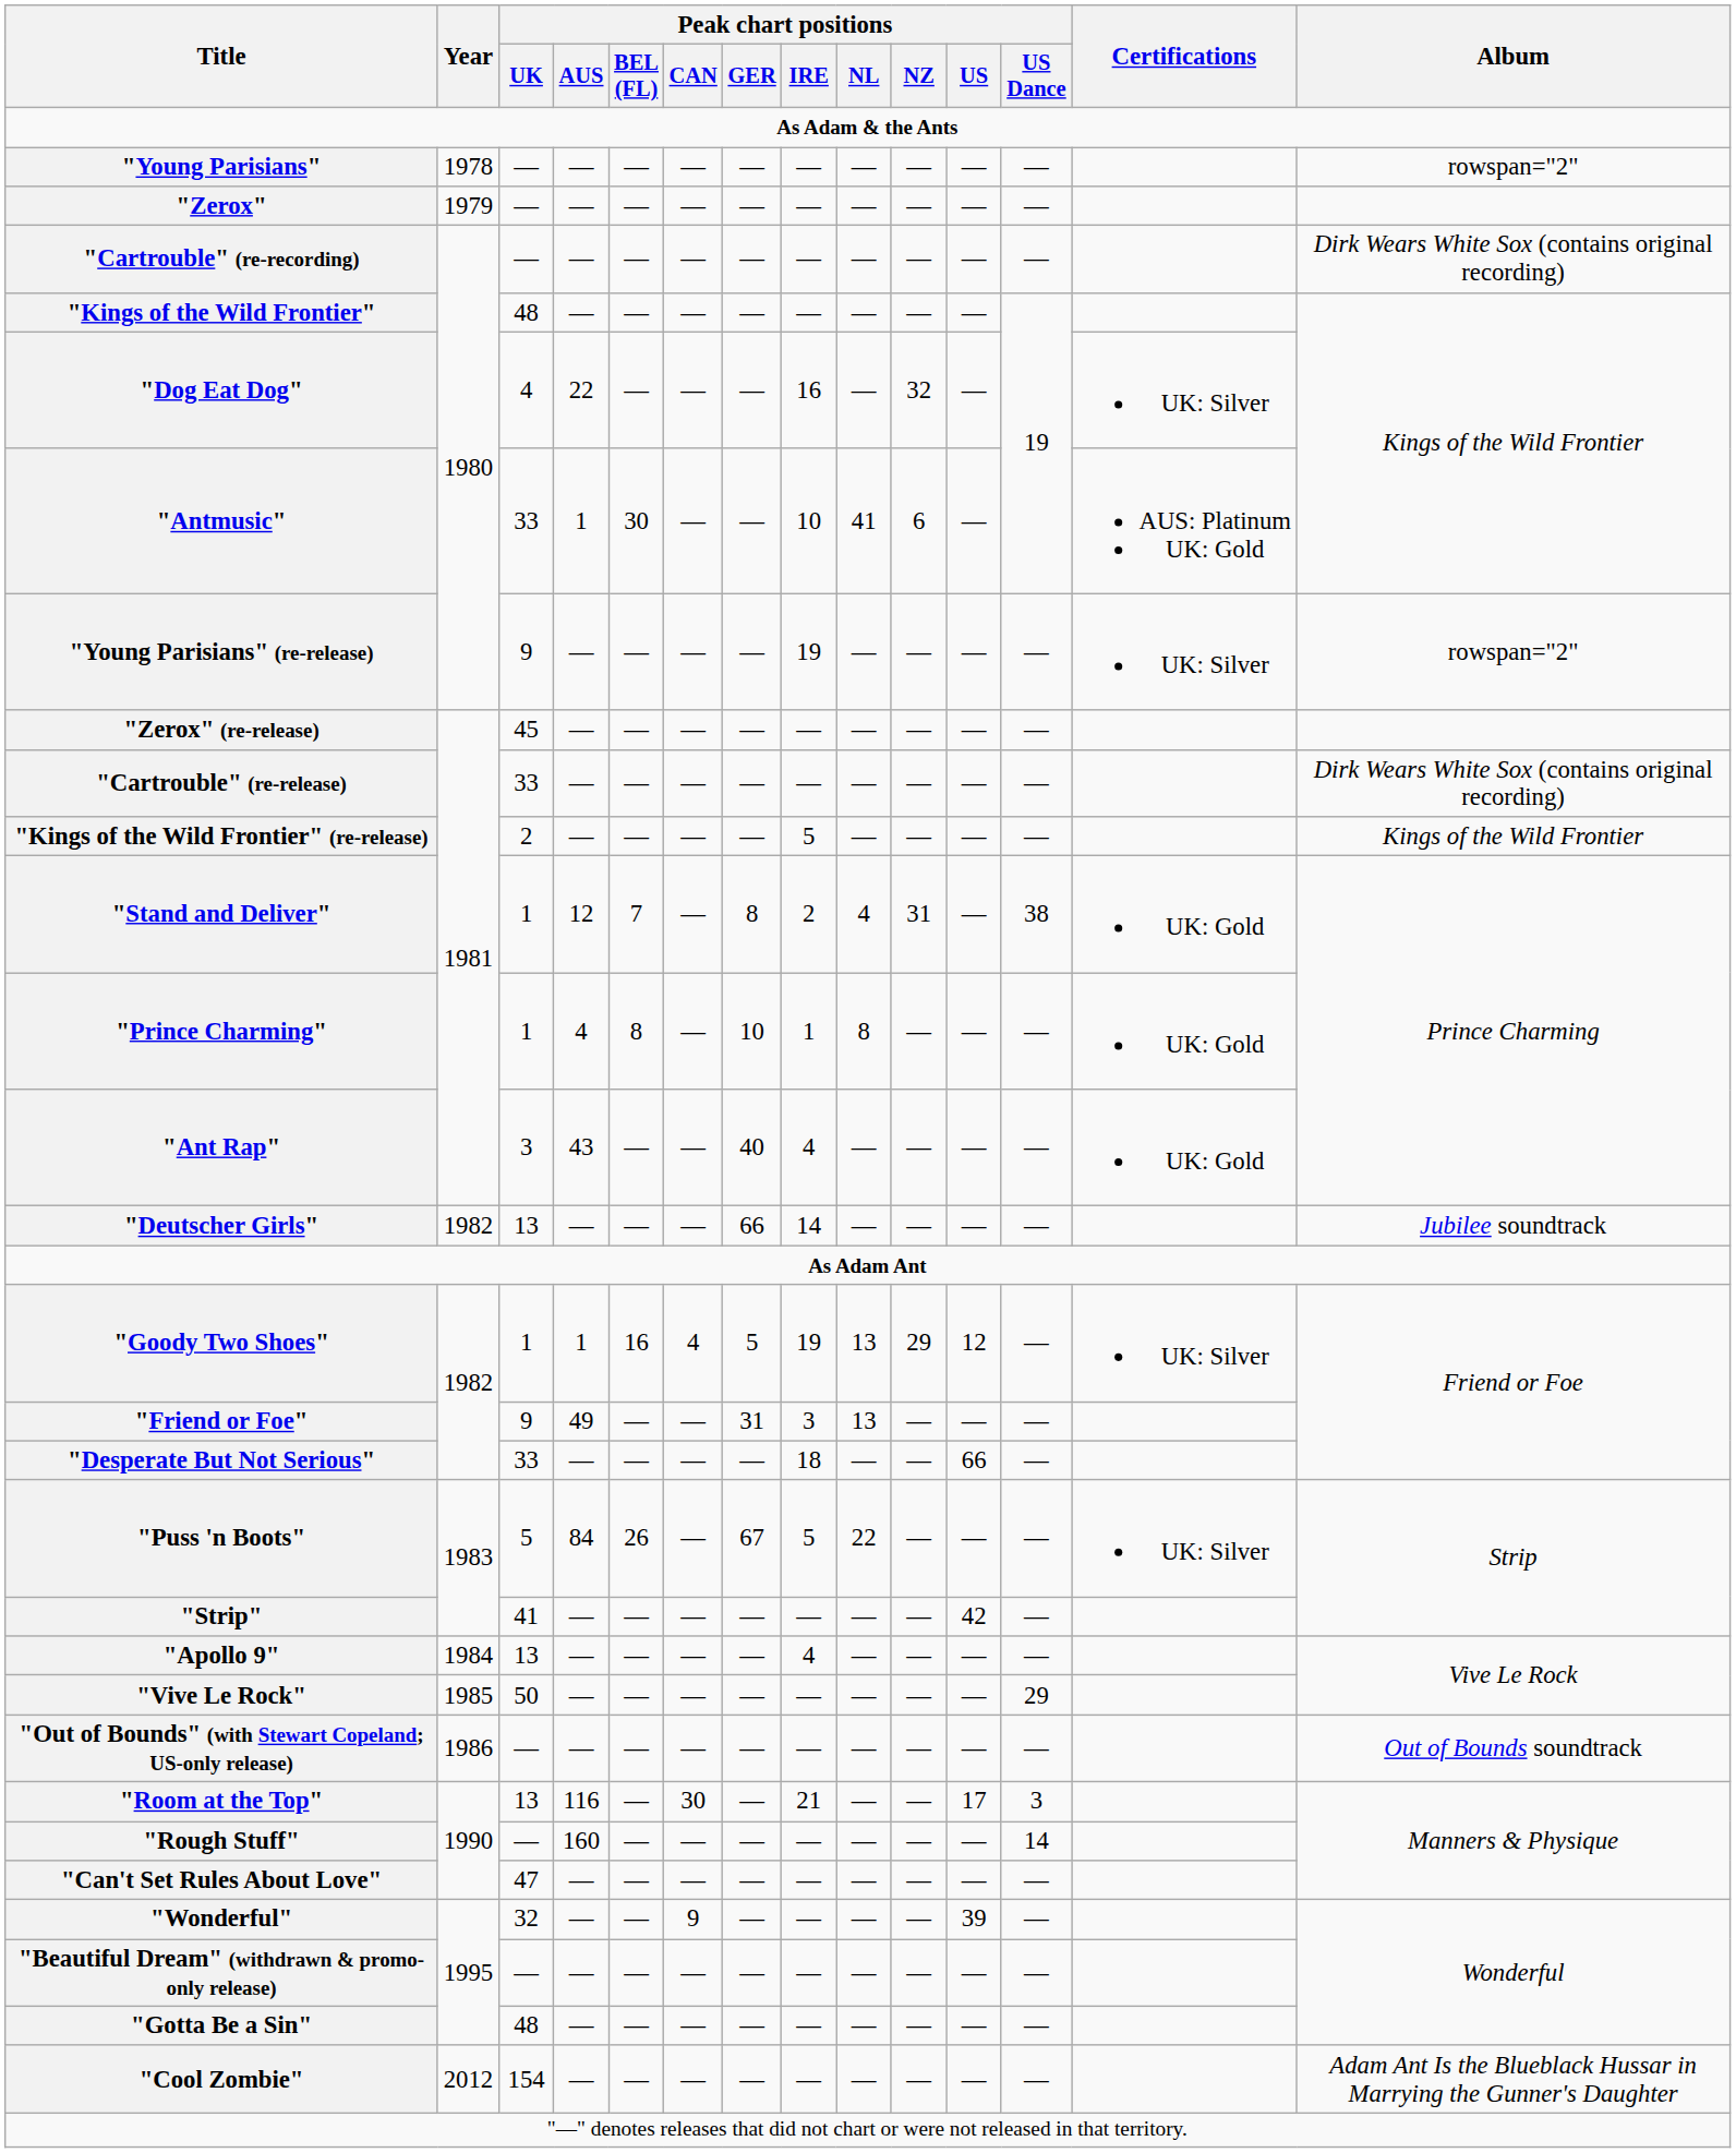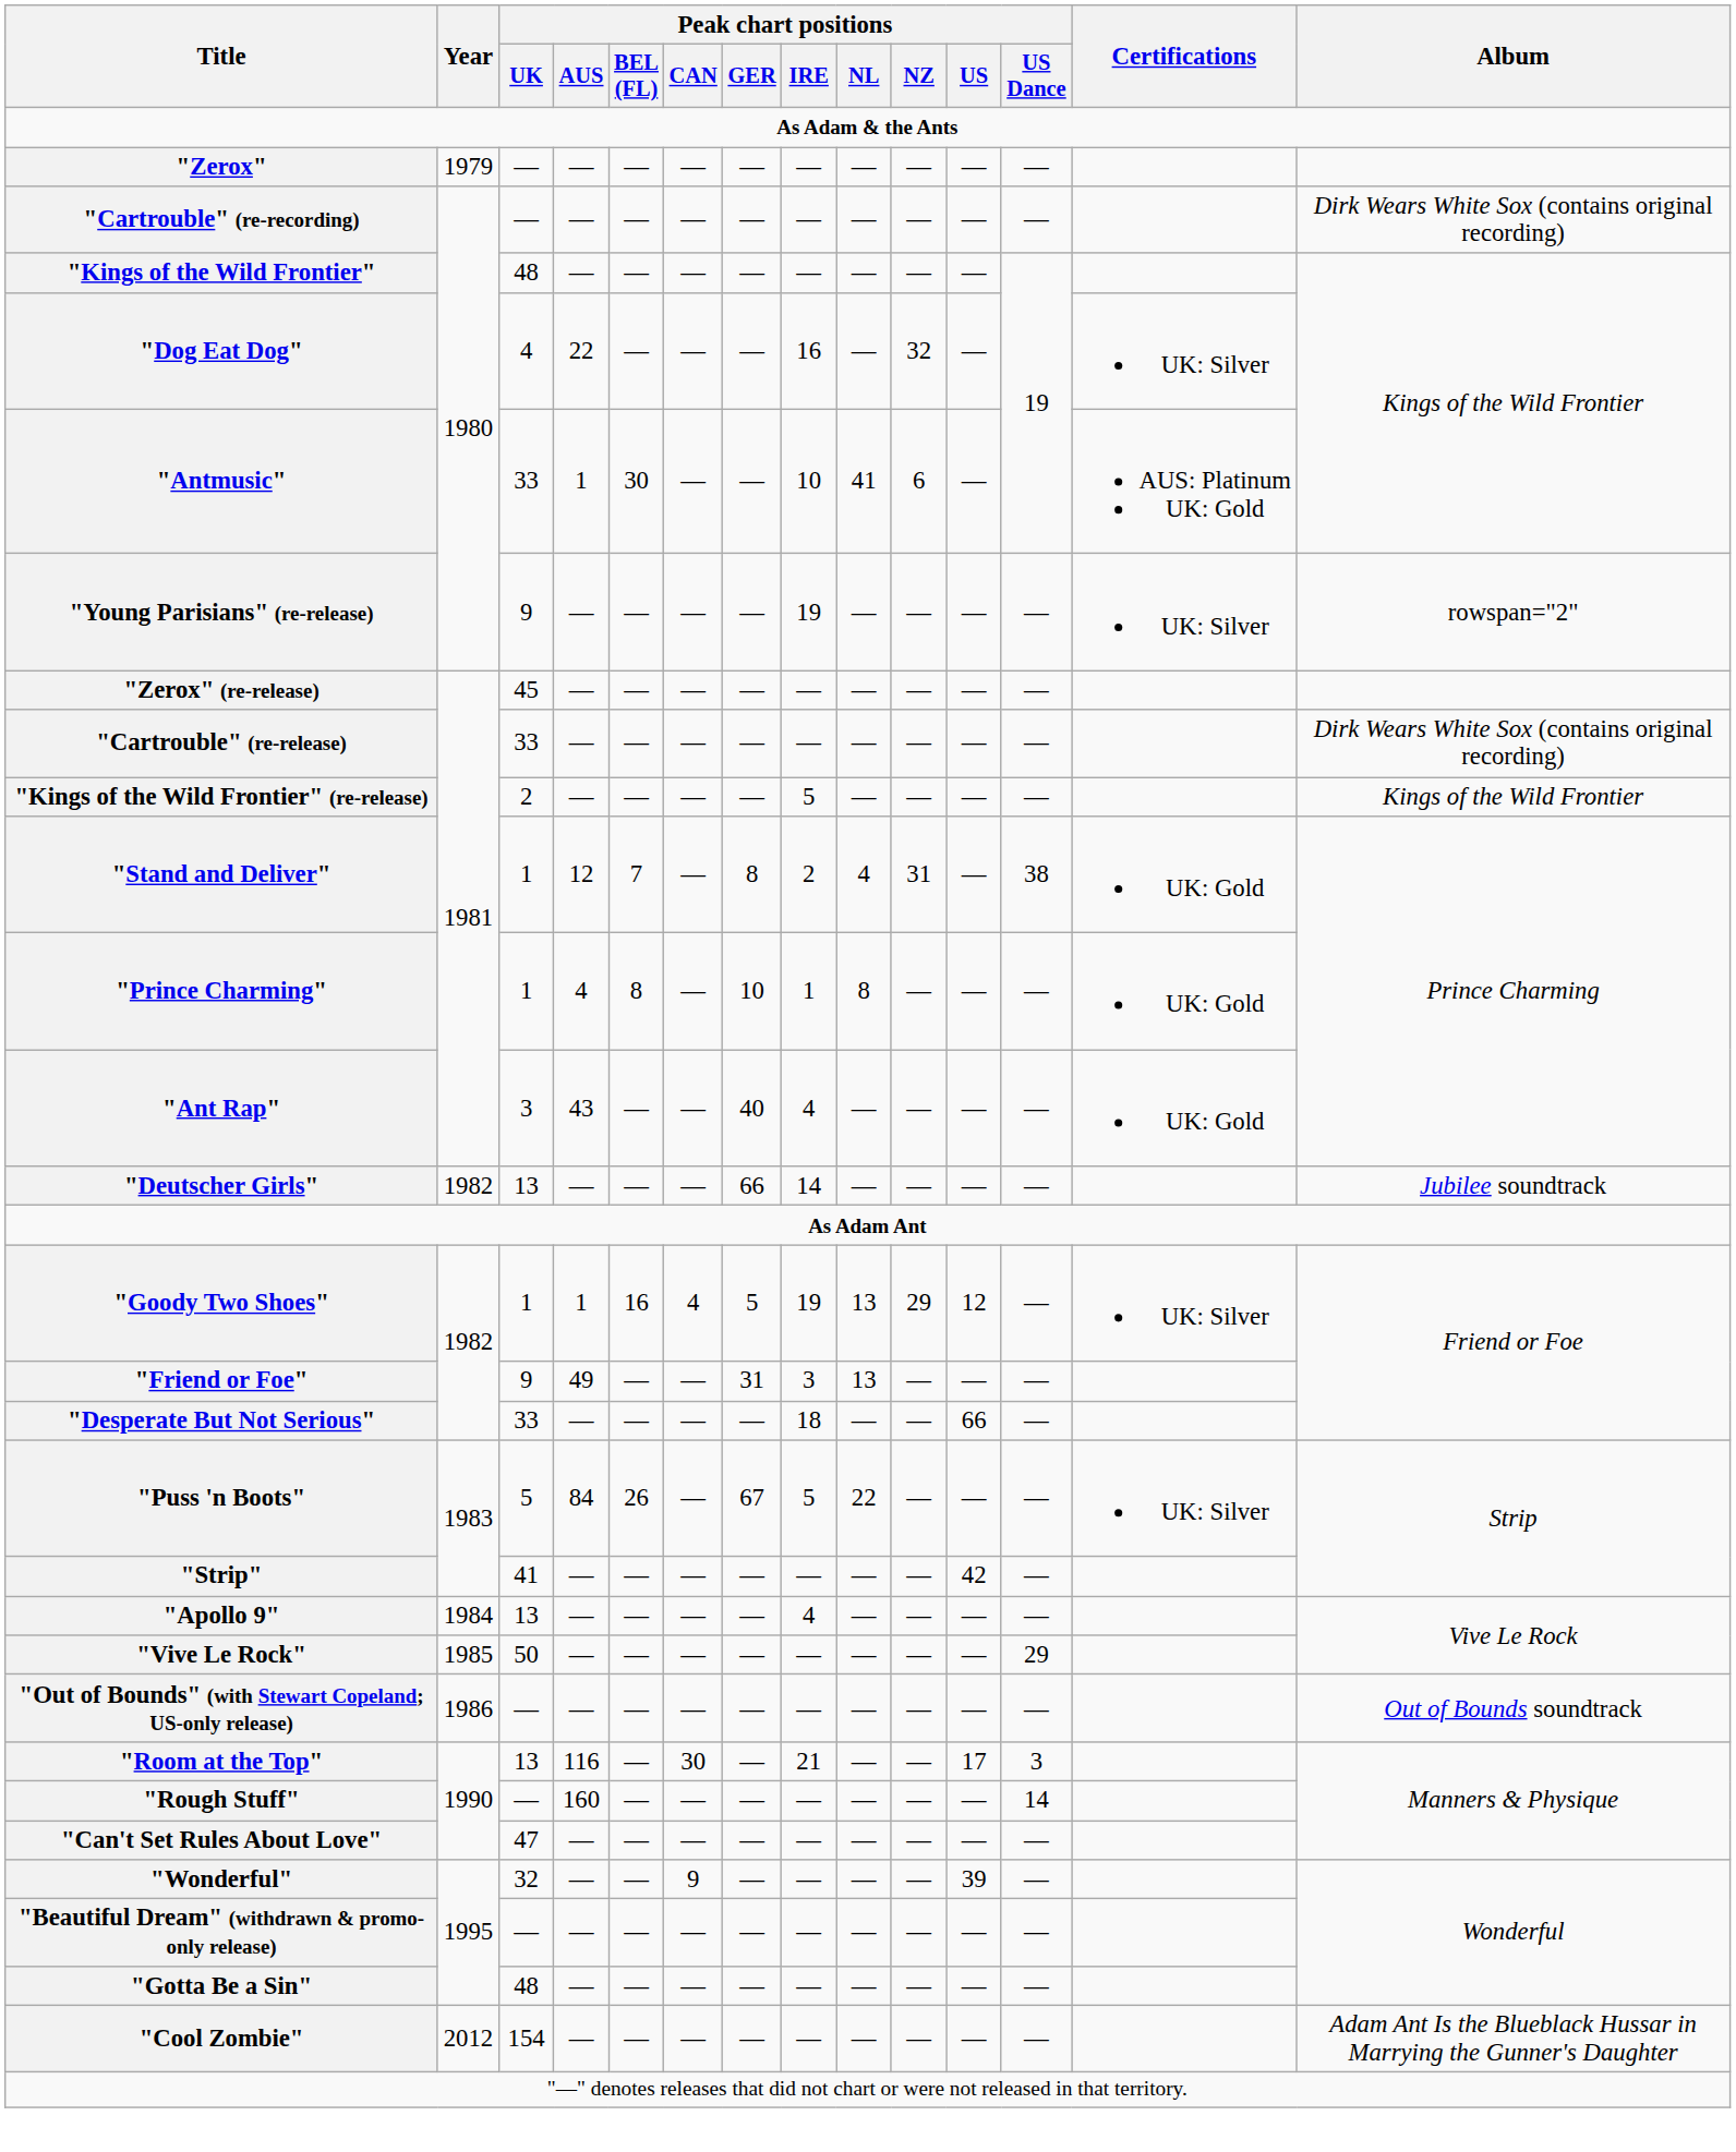 <table class="wikitable plainrowheaders" style="text-align:center;">
 <tr>
 <th scope="col" rowspan="2" style="width:17em;">Title</th>
 <th scope="col" rowspan="2" style="width:2em;">Year</th>
 <th colspan="10">Peak chart positions</th>
 <th rowspan="2"><a href='#'>Certifications</a></th>
 <th rowspan="2" style="width:17em;">Album</th>
 </tr>
 <tr>
 <th scope="col" style="width:2em;font-size:90%;"><a href='#'>UK</a><br></th>
 <th scope="col" style="width:2em;font-size:90%;"><a href='#'>AUS</a><br></th>
 <th scope="col" style="width:2em;font-size:90%;"><a href='#'>BEL<br>(FL)</a><br></th>
 <th scope="col" style="width:2em;font-size:90%;"><a href='#'>CAN</a><br></th>
 <th scope="col" style="width:2em;font-size:90%;"><a href='#'>GER</a><br></th>
 <th scope="col" style="width:2em;font-size:90%;"><a href='#'>IRE</a><br></th>
 <th scope="col" style="width:2em;font-size:90%;"><a href='#'>NL</a><br></th>
 <th scope="col" style="width:2em;font-size:90%;"><a href='#'>NZ</a><br></th>
 <th scope="col" style="width:2em;font-size:90%;"><a href='#'>US</a><br></th>
 <th scope="col" style="width:2em;font-size:90%;"><a href='#'>US Dance</a><br></th>
 </tr>
 <tr>
 <td colspan="14" align="center"><small><strong>As Adam & the Ants</strong></small></td>
-</tr>
-<tr>
-<th scope="row">"<a href='#'>Young Parisians</a>"</th>
-<td>1978</td>
-<td>—</td>
-<td>—</td>
-<td>—</td>
-<td>—</td>
-<td>—</td>
-<td>—</td>
-<td>—</td>
-<td>—</td>
-<td>—</td>
-<td>—</td>
-<td></td>
-<td>rowspan="2" </td>
 </tr>
 <tr>
 <th scope="row">"<a href='#'>Zerox</a>"</th>
 <td>1979</td>
 <td>—</td>
 <td>—</td>
 <td>—</td>
 <td>—</td>
 <td>—</td>
 <td>—</td>
 <td>—</td>
 <td>—</td>
 <td>—</td>
 <td>—</td>
 <td></td>
 </tr>
 <tr>
 <th scope="row">"<a href='#'>Cartrouble</a>" <small>(re-recording</small><small>)</small></th>
 <td rowspan="5">1980</td>
 <td>—</td>
 <td>—</td>
 <td>—</td>
 <td>—</td>
 <td>—</td>
 <td>—</td>
 <td>—</td>
 <td>—</td>
 <td>—</td>
 <td>—</td>
 <td></td>
 <td><em>Dirk Wears White Sox</em> (contains original recording)</td>
 </tr>
 <tr>
 <th scope="row">"<a href='#'>Kings of the Wild Frontier</a>"</th>
 <td>48</td>
 <td>—</td>
 <td>—</td>
 <td>—</td>
 <td>—</td>
 <td>—</td>
 <td>—</td>
 <td>—</td>
 <td>—</td>
 <td rowspan="3">19</td>
 <td></td>
 <td rowspan="3"><em>Kings of the Wild Frontier</em></td>
 </tr>
 <tr>
 <th scope="row">"<a href='#'>Dog Eat Dog</a>"</th>
 <td>4</td>
 <td>22</td>
 <td>—</td>
 <td>—</td>
 <td>—</td>
 <td>16</td>
 <td>—</td>
 <td>32</td>
 <td>—</td>
 <td><br><ul><li>UK: Silver</li></ul></td>
 </tr>
 <tr>
 <th scope="row">"<a href='#'>Antmusic</a>"</th>
 <td>33</td>
 <td>1</td>
 <td>30</td>
 <td>—</td>
 <td>—</td>
 <td>10</td>
 <td>41</td>
 <td>6</td>
 <td>—</td>
 <td><br><ul><li>AUS: Platinum</li><li>UK: Gold</li></ul></td>
 </tr>
 <tr>
 <th scope="row">"Young Parisians" <small>(re-release)</small></th>
 <td>9</td>
 <td>—</td>
 <td>—</td>
 <td>—</td>
 <td>—</td>
 <td>19</td>
 <td>—</td>
 <td>—</td>
 <td>—</td>
 <td>—</td>
 <td><br><ul><li>UK: Silver</li></ul></td>
 <td>rowspan="2" </td>
 </tr>
 <tr>
 <th scope="row">"Zerox" <small>(re-release)</small></th>
 <td rowspan="6">1981</td>
 <td>45</td>
 <td>—</td>
 <td>—</td>
 <td>—</td>
 <td>—</td>
 <td>—</td>
 <td>—</td>
 <td>—</td>
 <td>—</td>
 <td>—</td>
 <td></td>
 </tr>
 <tr>
 <th scope="row">"Cartrouble" <small>(re-release)</small></th>
 <td>33</td>
 <td>—</td>
 <td>—</td>
 <td>—</td>
 <td>—</td>
 <td>—</td>
 <td>—</td>
 <td>—</td>
 <td>—</td>
 <td>—</td>
 <td></td>
 <td><em>Dirk Wears White Sox</em> (contains original recording)</td>
 </tr>
 <tr>
 <th scope="row">"Kings of the Wild Frontier" <small>(re-release)</small></th>
 <td>2</td>
 <td>—</td>
 <td>—</td>
 <td>—</td>
 <td>—</td>
 <td>5</td>
 <td>—</td>
 <td>—</td>
 <td>—</td>
 <td>—</td>
 <td></td>
 <td><em>Kings of the Wild Frontier</em></td>
 </tr>
 <tr>
 <th scope="row">"<a href='#'>Stand and Deliver</a>"</th>
 <td>1</td>
 <td>12</td>
 <td>7</td>
 <td>—</td>
 <td>8</td>
 <td>2</td>
 <td>4</td>
 <td>31</td>
 <td>—</td>
 <td>38</td>
 <td><br><ul><li>UK: Gold</li></ul></td>
 <td rowspan="3"><em>Prince Charming</em></td>
 </tr>
 <tr>
 <th scope="row">"<a href='#'>Prince Charming</a>"</th>
 <td>1</td>
 <td>4</td>
 <td>8</td>
 <td>—</td>
 <td>10</td>
 <td>1</td>
 <td>8</td>
 <td>—</td>
 <td>—</td>
 <td>—</td>
 <td><br><ul><li>UK: Gold</li></ul></td>
 </tr>
 <tr>
 <th scope="row">"<a href='#'>Ant Rap</a>"</th>
 <td>3</td>
 <td>43</td>
 <td>—</td>
 <td>—</td>
 <td>40</td>
 <td>4</td>
 <td>—</td>
 <td>—</td>
 <td>—</td>
 <td>—</td>
 <td><br><ul><li>UK: Gold</li></ul></td>
 </tr>
 <tr>
 <th scope="row">"<a href='#'>Deutscher Girls</a>"</th>
 <td>1982</td>
 <td>13</td>
 <td>—</td>
 <td>—</td>
 <td>—</td>
 <td>66</td>
 <td>14</td>
 <td>—</td>
 <td>—</td>
 <td>—</td>
 <td>—</td>
 <td></td>
 <td><em><a href='#'>Jubilee</a></em> soundtrack</td>
 </tr>
 <tr>
 <td colspan="14" align="center"><small><strong>As Adam Ant</strong></small></td>
 </tr>
 <tr>
 <th scope="row">"<a href='#'>Goody Two Shoes</a>" </th>
 <td rowspan="3">1982</td>
 <td>1</td>
 <td>1</td>
 <td>16</td>
 <td>4</td>
 <td>5</td>
 <td>19</td>
 <td>13</td>
 <td>29</td>
 <td>12</td>
 <td>—</td>
 <td><br><ul><li>UK: Silver</li></ul></td>
 <td rowspan="3"><em>Friend or Foe</em></td>
 </tr>
 <tr>
 <th scope="row">"<a href='#'>Friend or Foe</a>"</th>
 <td>9</td>
 <td>49</td>
 <td>—</td>
 <td>—</td>
 <td>31</td>
 <td>3</td>
 <td>13</td>
 <td>—</td>
 <td>—</td>
 <td>—</td>
 <td></td>
 </tr>
 <tr>
 <th scope="row">"<a href='#'>Desperate But Not Serious</a>"</th>
 <td>33</td>
 <td>—</td>
 <td>—</td>
 <td>—</td>
 <td>—</td>
 <td>18</td>
 <td>—</td>
 <td>—</td>
 <td>66</td>
 <td>—</td>
 <td></td>
 </tr>
 <tr>
 <th scope="row">"Puss 'n Boots"</th>
 <td rowspan="2">1983</td>
 <td>5</td>
 <td>84</td>
 <td>26</td>
 <td>—</td>
 <td>67</td>
 <td>5</td>
 <td>22</td>
 <td>—</td>
 <td>—</td>
 <td>—</td>
 <td><br><ul><li>UK: Silver</li></ul></td>
 <td rowspan="2"><em>Strip</em></td>
 </tr>
 <tr>
 <th scope="row">"Strip"</th>
 <td>41</td>
 <td>—</td>
 <td>—</td>
 <td>—</td>
 <td>—</td>
 <td>—</td>
 <td>—</td>
 <td>—</td>
 <td>42</td>
 <td>—</td>
 <td></td>
 </tr>
 <tr>
 <th scope="row">"Apollo 9"</th>
 <td>1984</td>
 <td>13</td>
 <td>—</td>
 <td>—</td>
 <td>—</td>
 <td>—</td>
 <td>4</td>
 <td>—</td>
 <td>—</td>
 <td>—</td>
 <td>—</td>
 <td></td>
 <td rowspan="2"><em>Vive Le Rock</em></td>
 </tr>
 <tr>
 <th scope="row">"Vive Le Rock"</th>
 <td>1985</td>
 <td>50</td>
 <td>—</td>
 <td>—</td>
 <td>—</td>
 <td>—</td>
 <td>—</td>
 <td>—</td>
 <td>—</td>
 <td>—</td>
 <td>29</td>
 <td></td>
 </tr>
 <tr>
 <th scope="row">"Out of Bounds" <small>(with <a href='#'>Stewart Copeland</a>; US-only release)</small></th>
 <td>1986</td>
 <td>—</td>
 <td>—</td>
 <td>—</td>
 <td>—</td>
 <td>—</td>
 <td>—</td>
 <td>—</td>
 <td>—</td>
 <td>—</td>
 <td>—</td>
 <td></td>
 <td><em><a href='#'>Out of Bounds</a></em> soundtrack</td>
 </tr>
 <tr>
 <th scope="row">"<a href='#'>Room at the Top</a>"</th>
 <td rowspan="3">1990</td>
 <td>13</td>
 <td>116</td>
 <td>—</td>
 <td>30</td>
 <td>—</td>
 <td>21</td>
 <td>—</td>
 <td>—</td>
 <td>17</td>
 <td>3</td>
 <td></td>
 <td rowspan="3"><em>Manners & Physique</em></td>
 </tr>
 <tr>
 <th scope="row">"Rough Stuff"</th>
 <td>—</td>
 <td>160</td>
 <td>—</td>
 <td>—</td>
 <td>—</td>
 <td>—</td>
 <td>—</td>
 <td>—</td>
 <td>—</td>
 <td>14</td>
 <td></td>
 </tr>
 <tr>
 <th scope="row">"Can't Set Rules About Love"</th>
 <td>47</td>
 <td>—</td>
 <td>—</td>
 <td>—</td>
 <td>—</td>
 <td>—</td>
 <td>—</td>
 <td>—</td>
 <td>—</td>
 <td>—</td>
 <td></td>
 </tr>
 <tr>
 <th scope="row">"Wonderful"</th>
 <td rowspan="3">1995</td>
 <td>32</td>
 <td>—</td>
 <td>—</td>
 <td>9</td>
 <td>—</td>
 <td>—</td>
 <td>—</td>
 <td>—</td>
 <td>39</td>
 <td>—</td>
 <td></td>
 <td rowspan="3"><em>Wonderful</em></td>
 </tr>
 <tr>
 <th scope="row">"Beautiful Dream" <small>(withdrawn & promo-only release)</small></th>
 <td>—</td>
 <td>—</td>
 <td>—</td>
 <td>—</td>
 <td>—</td>
 <td>—</td>
 <td>—</td>
 <td>—</td>
 <td>—</td>
 <td>—</td>
 <td></td>
 </tr>
 <tr>
 <th scope="row">"Gotta Be a Sin"</th>
 <td>48</td>
 <td>—</td>
 <td>—</td>
 <td>—</td>
 <td>—</td>
 <td>—</td>
 <td>—</td>
 <td>—</td>
 <td>—</td>
 <td>—</td>
 <td></td>
 </tr>
 <tr>
 <th scope="row">"Cool Zombie"</th>
 <td>2012</td>
 <td>154</td>
 <td>—</td>
 <td>—</td>
 <td>—</td>
 <td>—</td>
 <td>—</td>
 <td>—</td>
 <td>—</td>
 <td>—</td>
 <td>—</td>
 <td></td>
 <td><em>Adam Ant Is the Blueblack Hussar in Marrying the Gunner's Daughter</em></td>
 </tr>
 <tr>
 <td colspan="14" style="font-size:85%">"—" denotes releases that did not chart or were not released in that territory.</td>
 </tr>
 </table>
